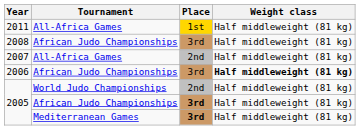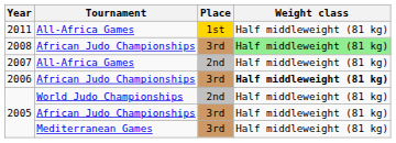 <table class=wikitable>
 <tr>
 <th>Year</th>
 <th>Tournament</th>
 <th>Place</th>
 <th>Weight class</th>
 </tr>
 <tr>
 <td>2011</td>
 <td><a href='#'>All-Africa Games</a></td>
 <td bgcolor="gold" align="center">1st</td>
 <td>Half middleweight (81 kg)</td>
 </tr>
 <tr>
 <td>2008</td>
 <td><a href='#'>African Judo Championships</a></td>
 <td bgcolor="cc9966" align="center">3rd</td>
-<td>Half middleweight (81 kg)</td>
+<td style="background: lightgreen;">Half middleweight (81 kg)</td>
 </tr>
 <tr>
 <td>2007</td>
 <td><a href='#'>All-Africa Games</a></td>
 <td bgcolor="silver" align="center">2nd</td>
 <td>Half middleweight (81 kg)</td>
 </tr>
 <tr>
 <td>2006</td>
 <td><a href='#'>African Judo Championships</a></td>
 <td bgcolor="cc9966" align="center">3rd</td>
 <td><strong>Half middleweight (81 kg)</strong></td>
 </tr>
 <tr>
 <td rowspan=3>2005</td>
 <td><a href='#'>World Judo Championships</a></td>
 <td bgcolor="silver" align="center">2nd</td>
 <td>Half middleweight (81 kg)</td>
 </tr>
 <tr>
 <td><a href='#'>African Judo Championships</a></td>
-<td bgcolor="cc9966" align="center"><strong>3rd</strong></td>
+<td bgcolor="cc9966" align="center">3rd</td>
 <td>Half middleweight (81 kg)</td>
 </tr>
 <tr>
 <td><a href='#'>Mediterranean Games</a></td>
-<td bgcolor="cc9966" align="center"><strong>3rd</strong></td>
+<td bgcolor="cc9966" align="center">3rd</td>
 <td>Half middleweight (81 kg)</td>
 </tr>
 </table>
